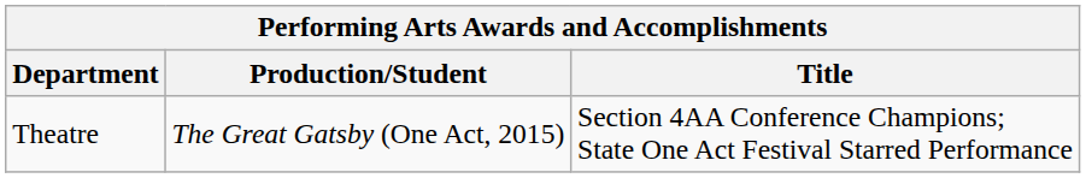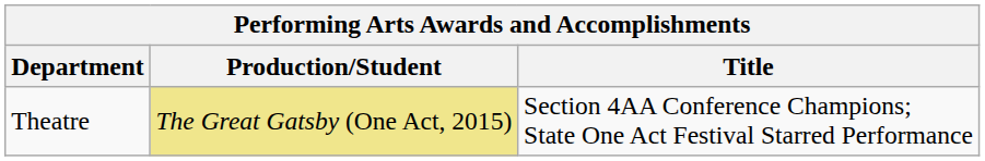 <table class="wikitable">
 <tr>
 <th colspan="3">Performing Arts Awards and Accomplishments</th>
 </tr>
 <tr>
 <th>Department</th>
 <th>Production/Student</th>
 <th>Title</th>
 </tr>
 <tr>
 <td>Theatre</td>
-<td><em>The Great Gatsby</em> (One Act, 2015)</td>
+<td style="background: khaki;"><em>The Great Gatsby</em> (One Act, 2015)</td>
 <td>Section 4AA Conference Champions;<br>State One Act Festival Starred Performance</td>
 </tr>
 </table>
